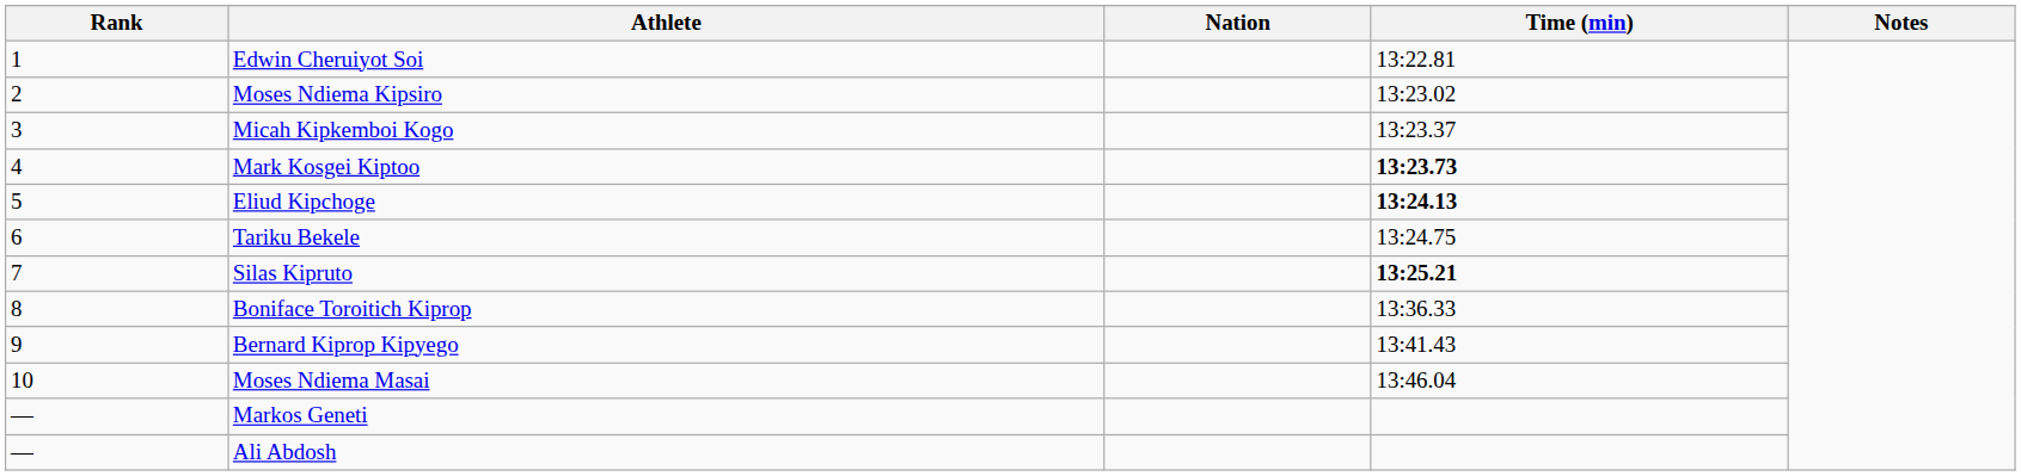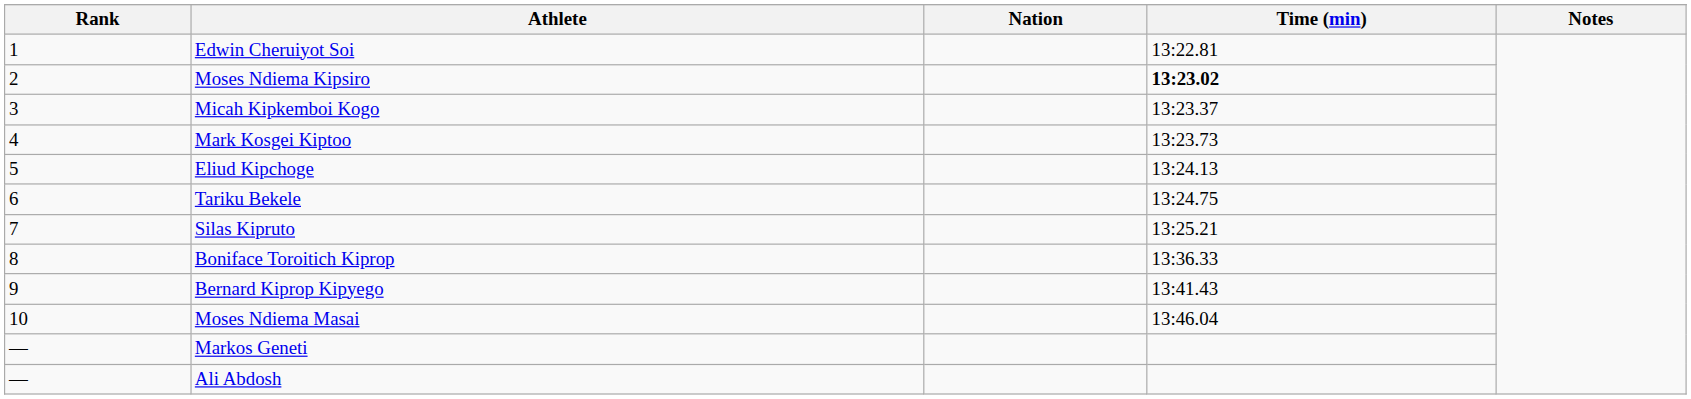 <table class="wikitable" width=90%>
 <tr>
 </tr>
 <tr>
 <th>Rank</th>
 <th>Athlete</th>
 <th>Nation</th>
 <th>Time (<a href='#'>min</a>)</th>
 <th>Notes</th>
 </tr>
 <tr>
 <td>1</td>
 <td><a href='#'>Edwin Cheruiyot Soi</a></td>
 <td></td>
 <td>13:22.81</td>
 </tr>
 <tr>
 <td>2</td>
 <td><a href='#'>Moses Ndiema Kipsiro</a></td>
 <td></td>
-<td>13:23.02</td>
+<td><strong>13:23.02</strong></td>
 </tr>
 <tr>
 <td>3</td>
 <td><a href='#'>Micah Kipkemboi Kogo</a></td>
 <td></td>
 <td>13:23.37</td>
 </tr>
 <tr>
 <td>4</td>
 <td><a href='#'>Mark Kosgei Kiptoo</a></td>
 <td></td>
-<td><strong>13:23.73</strong></td>
+<td>13:23.73</td>
 </tr>
 <tr>
 <td>5</td>
 <td><a href='#'>Eliud Kipchoge</a></td>
 <td></td>
-<td><strong>13:24.13</strong></td>
+<td>13:24.13</td>
 </tr>
 <tr>
 <td>6</td>
 <td><a href='#'>Tariku Bekele</a></td>
 <td></td>
 <td>13:24.75</td>
 </tr>
 <tr>
 <td>7</td>
 <td><a href='#'>Silas Kipruto</a></td>
 <td></td>
-<td><strong>13:25.21</strong></td>
+<td>13:25.21</td>
 </tr>
 <tr>
 <td>8</td>
 <td><a href='#'>Boniface Toroitich Kiprop</a></td>
 <td></td>
 <td>13:36.33</td>
 </tr>
 <tr>
 <td>9</td>
 <td><a href='#'>Bernard Kiprop Kipyego</a></td>
 <td></td>
 <td>13:41.43</td>
 </tr>
 <tr>
 <td>10</td>
 <td><a href='#'>Moses Ndiema Masai</a></td>
 <td></td>
 <td>13:46.04</td>
 </tr>
 <tr>
 <td>—</td>
 <td><a href='#'>Markos Geneti</a></td>
 <td></td>
 <td></td>
 </tr>
 <tr>
 <td>—</td>
 <td><a href='#'>Ali Abdosh</a></td>
 <td></td>
 <td></td>
 </tr>
 </table>
